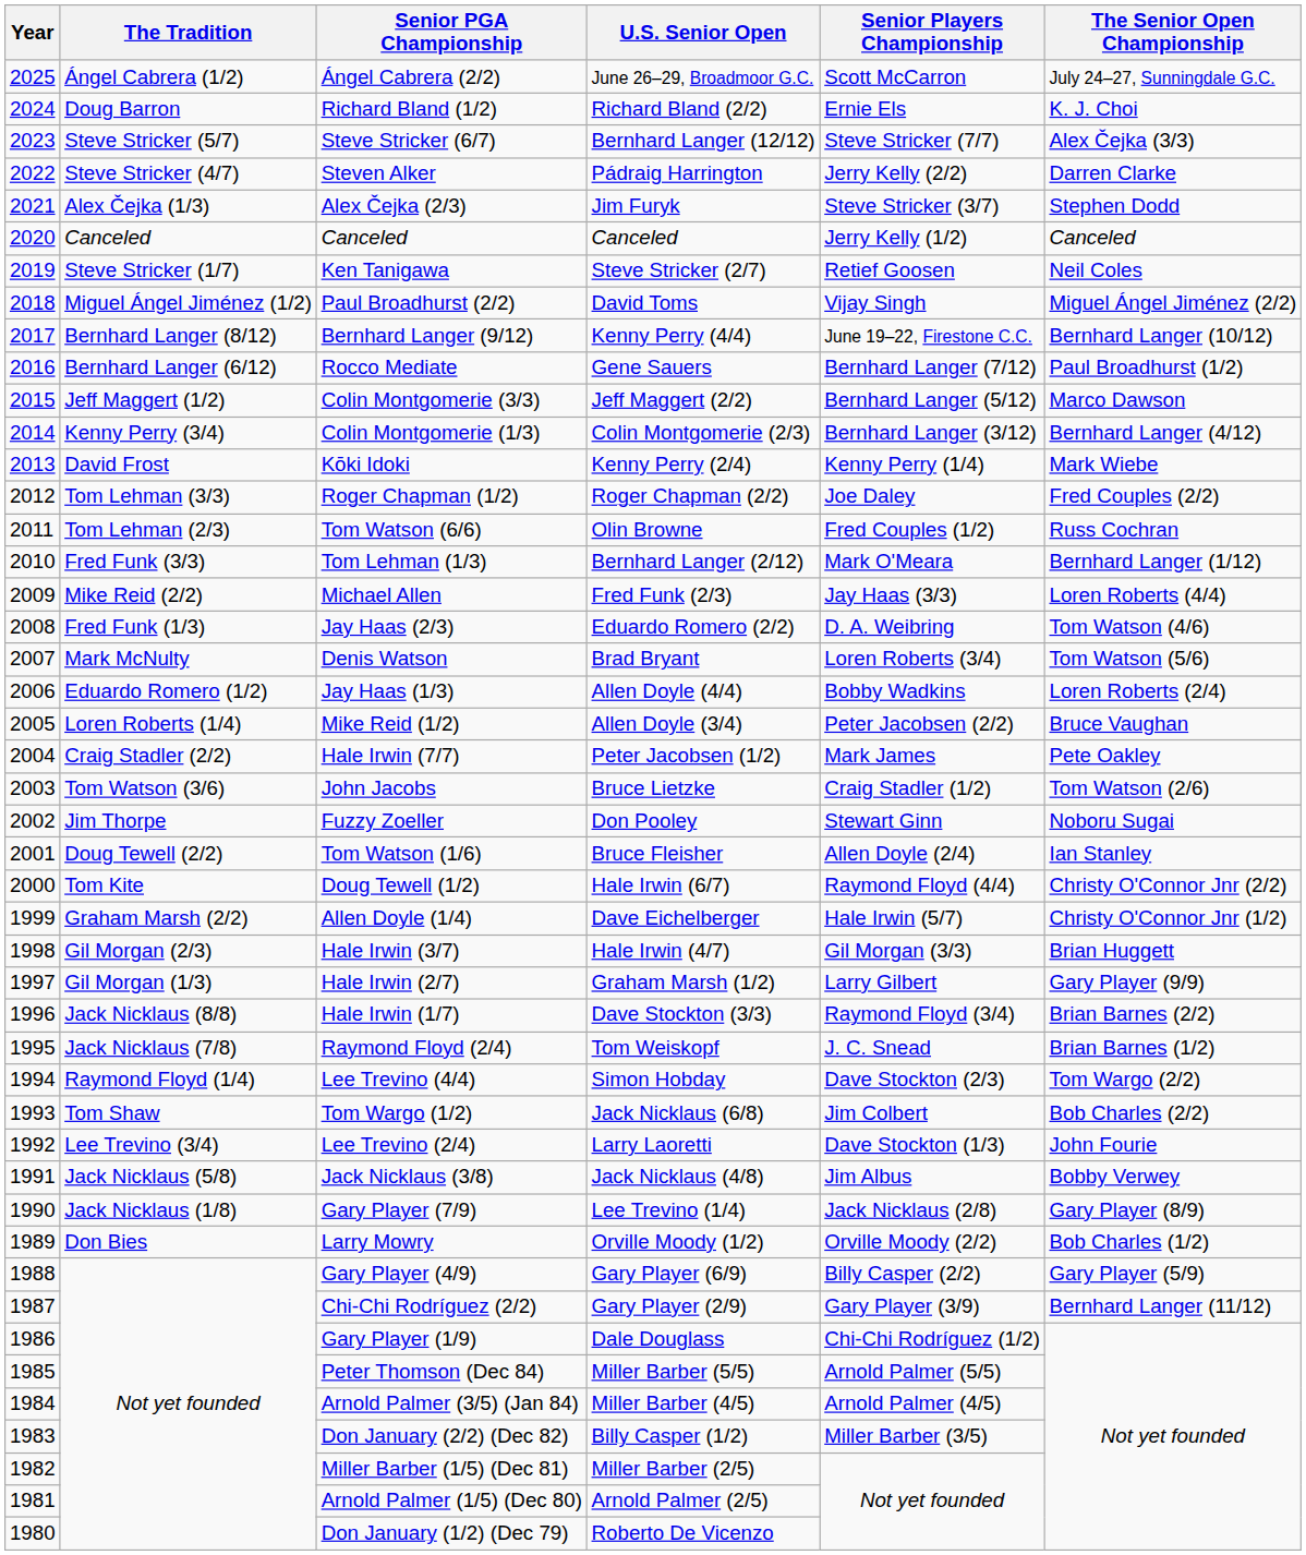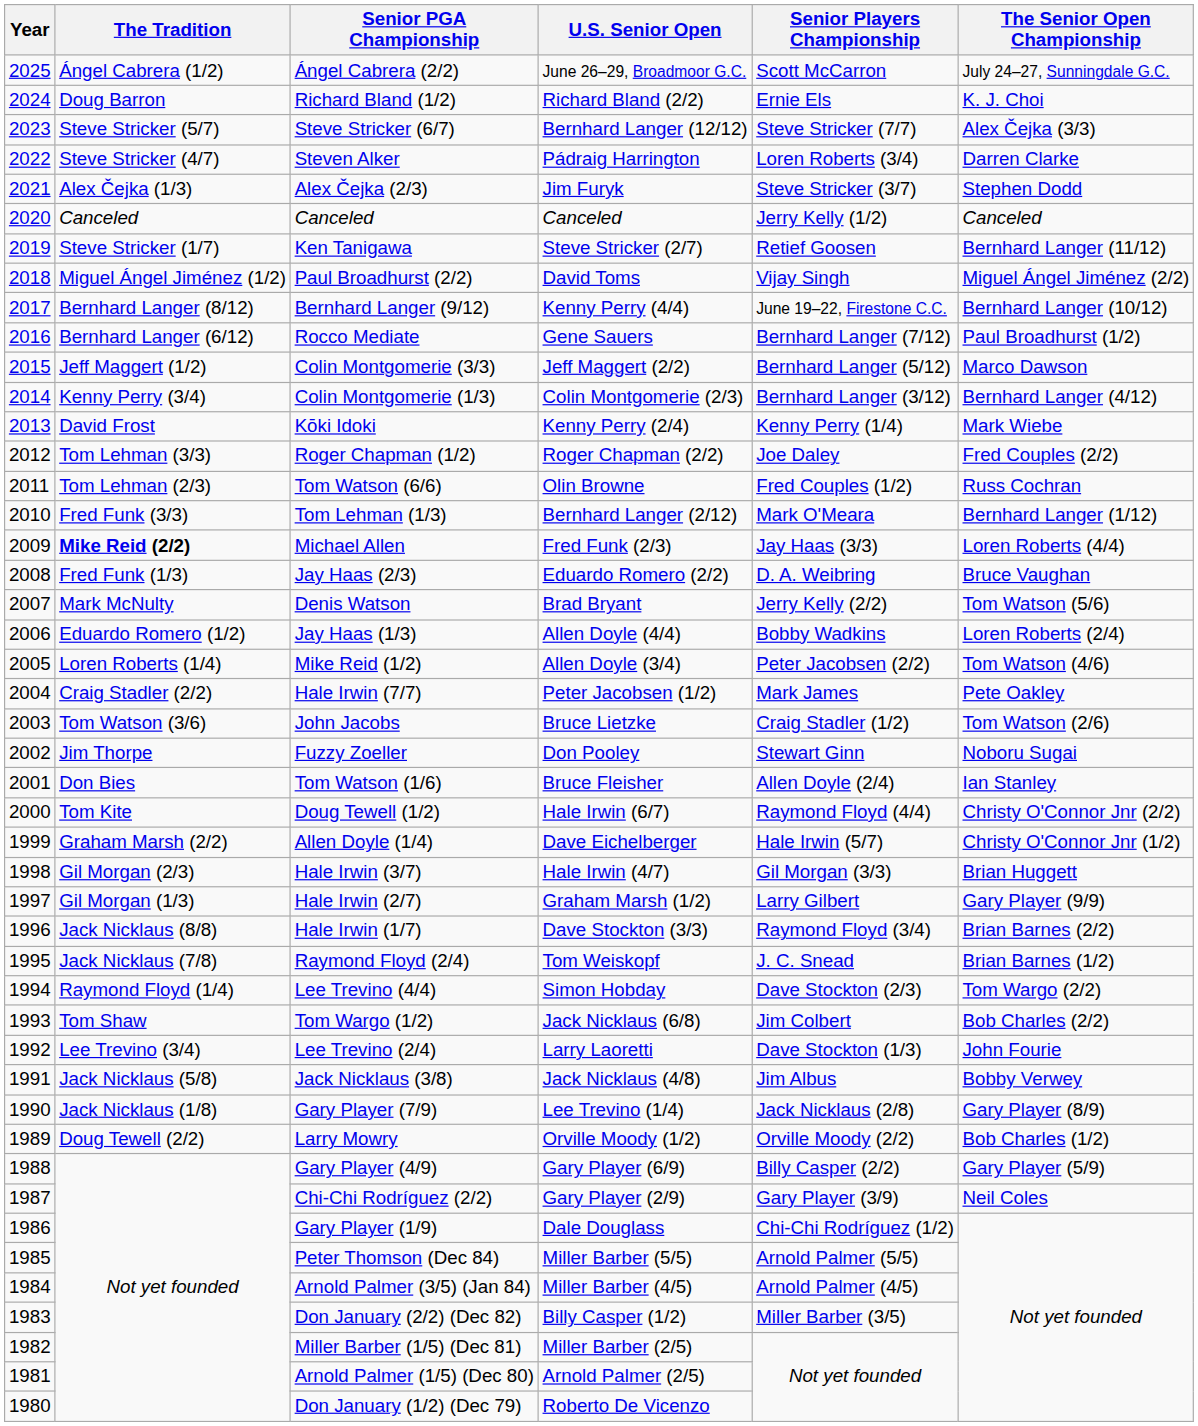 <table class="wikitable">
 <tr>
 <th>Year</th>
 <th><a href='#'>The Tradition</a></th>
 <th><a href='#'>Senior PGA<br>Championship</a></th>
 <th><a href='#'>U.S. Senior Open</a></th>
 <th><a href='#'>Senior Players<br>Championship</a></th>
 <th><a href='#'>The Senior Open<br>Championship</a></th>
 </tr>
 <tr>
 <td><a href='#'>2025</a></td>
 <td> <a href='#'>Ángel Cabrera</a> (1/2)</td>
 <td> <a href='#'>Ángel Cabrera</a> (2/2)</td>
 <td> <small>June 26–29, <a href='#'>Broadmoor G.C.</a></small></td>
 <td> <a href='#'>Scott McCarron</a></td>
 <td> <small>July 24–27, <a href='#'>Sunningdale G.C.</a></small></td>
 </tr>
 <tr>
 <td><a href='#'>2024</a></td>
 <td> <a href='#'>Doug Barron</a></td>
 <td> <a href='#'>Richard Bland</a> (1/2)</td>
 <td> <a href='#'>Richard Bland</a> (2/2)</td>
 <td> <a href='#'>Ernie Els</a></td>
 <td> <a href='#'>K. J. Choi</a></td>
 </tr>
 <tr>
 <td><a href='#'>2023</a></td>
 <td> <a href='#'>Steve Stricker</a> (5/7)</td>
 <td> <a href='#'>Steve Stricker</a> (6/7)</td>
 <td> <a href='#'>Bernhard Langer</a> (12/12)</td>
 <td> <a href='#'>Steve Stricker</a> (7/7)</td>
 <td> <a href='#'>Alex Čejka</a> (3/3)</td>
 </tr>
 <tr>
 <td><a href='#'>2022</a></td>
 <td> <a href='#'>Steve Stricker</a> (4/7)</td>
 <td> <a href='#'>Steven Alker</a></td>
 <td> <a href='#'>Pádraig Harrington</a></td>
-<td> <a href='#'>Jerry Kelly</a> (2/2)</td>
+<td> <a href='#'>Loren Roberts</a> (3/4)</td>
 <td> <a href='#'>Darren Clarke</a></td>
 </tr>
 <tr>
 <td><a href='#'>2021</a></td>
 <td> <a href='#'>Alex Čejka</a> (1/3)</td>
 <td> <a href='#'>Alex Čejka</a> (2/3)</td>
 <td> <a href='#'>Jim Furyk</a></td>
 <td> <a href='#'>Steve Stricker</a> (3/7)</td>
 <td> <a href='#'>Stephen Dodd</a></td>
 </tr>
 <tr>
 <td><a href='#'>2020</a></td>
 <td><em>Canceled</em></td>
 <td><em>Canceled</em></td>
 <td><em>Canceled</em></td>
 <td> <a href='#'>Jerry Kelly</a> (1/2)</td>
 <td><em>Canceled</em></td>
 </tr>
 <tr>
 <td><a href='#'>2019</a></td>
 <td> <a href='#'>Steve Stricker</a> (1/7)</td>
 <td> <a href='#'>Ken Tanigawa</a></td>
 <td> <a href='#'>Steve Stricker</a> (2/7)</td>
 <td> <a href='#'>Retief Goosen</a></td>
-<td> <a href='#'>Neil Coles</a></td>
+<td> <a href='#'>Bernhard Langer</a> (11/12)</td>
 </tr>
 <tr>
 <td><a href='#'>2018</a></td>
 <td> <a href='#'>Miguel Ángel Jiménez</a> (1/2)</td>
 <td> <a href='#'>Paul Broadhurst</a> (2/2)</td>
 <td> <a href='#'>David Toms</a></td>
 <td> <a href='#'>Vijay Singh</a></td>
 <td> <a href='#'>Miguel Ángel Jiménez</a>  (2/2)</td>
 </tr>
 <tr>
 <td><a href='#'>2017</a></td>
 <td> <a href='#'>Bernhard Langer</a> (8/12)</td>
 <td> <a href='#'>Bernhard Langer</a> (9/12)</td>
 <td> <a href='#'>Kenny Perry</a> (4/4)</td>
 <td> <small>June 19–22, <a href='#'>Firestone C.C.</a></small></td>
 <td> <a href='#'>Bernhard Langer</a> (10/12)</td>
 </tr>
 <tr>
 <td><a href='#'>2016</a></td>
 <td> <a href='#'>Bernhard Langer</a> (6/12)</td>
 <td> <a href='#'>Rocco Mediate</a></td>
 <td> <a href='#'>Gene Sauers</a></td>
 <td> <a href='#'>Bernhard Langer</a> (7/12)</td>
 <td> <a href='#'>Paul Broadhurst</a> (1/2)</td>
 </tr>
 <tr>
 <td><a href='#'>2015</a></td>
 <td> <a href='#'>Jeff Maggert</a> (1/2)</td>
 <td> <a href='#'>Colin Montgomerie</a> (3/3)</td>
 <td> <a href='#'>Jeff Maggert</a> (2/2)</td>
 <td> <a href='#'>Bernhard Langer</a> (5/12)</td>
 <td> <a href='#'>Marco Dawson</a></td>
 </tr>
 <tr>
 <td><a href='#'>2014</a></td>
 <td> <a href='#'>Kenny Perry</a> (3/4)</td>
 <td> <a href='#'>Colin Montgomerie</a> (1/3)</td>
 <td> <a href='#'>Colin Montgomerie</a> (2/3)</td>
 <td> <a href='#'>Bernhard Langer</a> (3/12)</td>
 <td> <a href='#'>Bernhard Langer</a> (4/12)</td>
 </tr>
 <tr>
 <td><a href='#'>2013</a></td>
 <td> <a href='#'>David Frost</a></td>
 <td> <a href='#'>Kōki Idoki</a></td>
 <td> <a href='#'>Kenny Perry</a> (2/4)</td>
 <td> <a href='#'>Kenny Perry</a> (1/4)</td>
 <td> <a href='#'>Mark Wiebe</a></td>
 </tr>
 <tr>
 <td>2012</td>
 <td> <a href='#'>Tom Lehman</a> (3/3)</td>
 <td> <a href='#'>Roger Chapman</a> (1/2)</td>
 <td> <a href='#'>Roger Chapman</a> (2/2)</td>
 <td> <a href='#'>Joe Daley</a></td>
 <td> <a href='#'>Fred Couples</a> (2/2)</td>
 </tr>
 <tr>
 <td>2011</td>
 <td> <a href='#'>Tom Lehman</a> (2/3)</td>
 <td> <a href='#'>Tom Watson</a> (6/6)</td>
 <td> <a href='#'>Olin Browne</a></td>
 <td> <a href='#'>Fred Couples</a> (1/2)</td>
 <td> <a href='#'>Russ Cochran</a></td>
 </tr>
 <tr>
 <td>2010</td>
 <td> <a href='#'>Fred Funk</a> (3/3)</td>
 <td> <a href='#'>Tom Lehman</a> (1/3)</td>
 <td> <a href='#'>Bernhard Langer</a> (2/12)</td>
 <td> <a href='#'>Mark O'Meara</a></td>
 <td> <a href='#'>Bernhard Langer</a> (1/12)</td>
 </tr>
 <tr>
 <td>2009</td>
-<td> <a href='#'>Mike Reid</a> (2/2)</td>
+<td><strong> <a href='#'>Mike Reid</a> (2/2)</strong></td>
 <td> <a href='#'>Michael Allen</a></td>
 <td> <a href='#'>Fred Funk</a> (2/3)</td>
 <td> <a href='#'>Jay Haas</a> (3/3)</td>
 <td> <a href='#'>Loren Roberts</a> (4/4)</td>
 </tr>
 <tr>
 <td>2008</td>
 <td> <a href='#'>Fred Funk</a> (1/3)</td>
 <td> <a href='#'>Jay Haas</a> (2/3)</td>
 <td> <a href='#'>Eduardo Romero</a> (2/2)</td>
 <td> <a href='#'>D. A. Weibring</a></td>
-<td> <a href='#'>Tom Watson</a> (4/6)</td>
+<td> <a href='#'>Bruce Vaughan</a></td>
 </tr>
 <tr>
 <td>2007</td>
 <td> <a href='#'>Mark McNulty</a></td>
 <td> <a href='#'>Denis Watson</a></td>
 <td> <a href='#'>Brad Bryant</a></td>
-<td> <a href='#'>Loren Roberts</a> (3/4)</td>
+<td> <a href='#'>Jerry Kelly</a> (2/2)</td>
 <td> <a href='#'>Tom Watson</a> (5/6)</td>
 </tr>
 <tr>
 <td>2006</td>
 <td> <a href='#'>Eduardo Romero</a> (1/2)</td>
 <td> <a href='#'>Jay Haas</a> (1/3)</td>
 <td> <a href='#'>Allen Doyle</a> (4/4)</td>
 <td> <a href='#'>Bobby Wadkins</a></td>
 <td> <a href='#'>Loren Roberts</a> (2/4)</td>
 </tr>
 <tr>
 <td>2005</td>
 <td> <a href='#'>Loren Roberts</a> (1/4)</td>
 <td> <a href='#'>Mike Reid</a> (1/2)</td>
 <td> <a href='#'>Allen Doyle</a> (3/4)</td>
 <td> <a href='#'>Peter Jacobsen</a> (2/2)</td>
-<td> <a href='#'>Bruce Vaughan</a></td>
+<td> <a href='#'>Tom Watson</a> (4/6)</td>
 </tr>
 <tr>
 <td>2004</td>
 <td> <a href='#'>Craig Stadler</a> (2/2)</td>
 <td> <a href='#'>Hale Irwin</a> (7/7)</td>
 <td> <a href='#'>Peter Jacobsen</a> (1/2)</td>
 <td> <a href='#'>Mark James</a></td>
 <td> <a href='#'>Pete Oakley</a></td>
 </tr>
 <tr>
 <td>2003</td>
 <td> <a href='#'>Tom Watson</a> (3/6)</td>
 <td> <a href='#'>John Jacobs</a></td>
 <td> <a href='#'>Bruce Lietzke</a></td>
 <td> <a href='#'>Craig Stadler</a> (1/2)</td>
 <td> <a href='#'>Tom Watson</a> (2/6)</td>
 </tr>
 <tr>
 <td>2002</td>
 <td> <a href='#'>Jim Thorpe</a></td>
 <td> <a href='#'>Fuzzy Zoeller</a></td>
 <td> <a href='#'>Don Pooley</a></td>
 <td> <a href='#'>Stewart Ginn</a></td>
 <td> <a href='#'>Noboru Sugai</a></td>
 </tr>
 <tr>
 <td>2001</td>
-<td> <a href='#'>Doug Tewell</a> (2/2)</td>
+<td> <a href='#'>Don Bies</a></td>
 <td> <a href='#'>Tom Watson</a> (1/6)</td>
 <td> <a href='#'>Bruce Fleisher</a></td>
 <td> <a href='#'>Allen Doyle</a> (2/4)</td>
 <td> <a href='#'>Ian Stanley</a></td>
 </tr>
 <tr>
 <td>2000</td>
 <td> <a href='#'>Tom Kite</a></td>
 <td> <a href='#'>Doug Tewell</a> (1/2)</td>
 <td> <a href='#'>Hale Irwin</a> (6/7)</td>
 <td> <a href='#'>Raymond Floyd</a> (4/4)</td>
 <td> <a href='#'>Christy O'Connor Jnr</a> (2/2)</td>
 </tr>
 <tr>
 <td>1999</td>
 <td> <a href='#'>Graham Marsh</a> (2/2)</td>
 <td> <a href='#'>Allen Doyle</a> (1/4)</td>
 <td> <a href='#'>Dave Eichelberger</a></td>
 <td> <a href='#'>Hale Irwin</a> (5/7)</td>
 <td> <a href='#'>Christy O'Connor Jnr</a> (1/2)</td>
 </tr>
 <tr>
 <td>1998</td>
 <td> <a href='#'>Gil Morgan</a> (2/3)</td>
 <td> <a href='#'>Hale Irwin</a> (3/7)</td>
 <td> <a href='#'>Hale Irwin</a> (4/7)</td>
 <td> <a href='#'>Gil Morgan</a> (3/3)</td>
 <td> <a href='#'>Brian Huggett</a></td>
 </tr>
 <tr>
 <td>1997</td>
 <td> <a href='#'>Gil Morgan</a> (1/3)</td>
 <td> <a href='#'>Hale Irwin</a> (2/7)</td>
 <td> <a href='#'>Graham Marsh</a> (1/2)</td>
 <td> <a href='#'>Larry Gilbert</a></td>
 <td> <a href='#'>Gary Player</a> (9/9)</td>
 </tr>
 <tr>
 <td>1996</td>
 <td> <a href='#'>Jack Nicklaus</a> (8/8)</td>
 <td> <a href='#'>Hale Irwin</a> (1/7)</td>
 <td> <a href='#'>Dave Stockton</a> (3/3)</td>
 <td> <a href='#'>Raymond Floyd</a> (3/4)</td>
 <td> <a href='#'>Brian Barnes</a> (2/2)</td>
 </tr>
 <tr>
 <td>1995</td>
 <td> <a href='#'>Jack Nicklaus</a> (7/8)</td>
 <td> <a href='#'>Raymond Floyd</a> (2/4)</td>
 <td> <a href='#'>Tom Weiskopf</a></td>
 <td> <a href='#'>J. C. Snead</a></td>
 <td> <a href='#'>Brian Barnes</a> (1/2)</td>
 </tr>
 <tr>
 <td>1994</td>
 <td> <a href='#'>Raymond Floyd</a> (1/4)</td>
 <td> <a href='#'>Lee Trevino</a> (4/4)</td>
 <td> <a href='#'>Simon Hobday</a></td>
 <td> <a href='#'>Dave Stockton</a> (2/3)</td>
 <td> <a href='#'>Tom Wargo</a> (2/2)</td>
 </tr>
 <tr>
 <td>1993</td>
 <td> <a href='#'>Tom Shaw</a></td>
 <td> <a href='#'>Tom Wargo</a> (1/2)</td>
 <td> <a href='#'>Jack Nicklaus</a> (6/8)</td>
 <td> <a href='#'>Jim Colbert</a></td>
 <td> <a href='#'>Bob Charles</a> (2/2)</td>
 </tr>
 <tr>
 <td>1992</td>
 <td> <a href='#'>Lee Trevino</a> (3/4)</td>
 <td> <a href='#'>Lee Trevino</a> (2/4)</td>
 <td> <a href='#'>Larry Laoretti</a></td>
 <td> <a href='#'>Dave Stockton</a> (1/3)</td>
 <td> <a href='#'>John Fourie</a></td>
 </tr>
 <tr>
 <td>1991</td>
 <td> <a href='#'>Jack Nicklaus</a> (5/8)</td>
 <td> <a href='#'>Jack Nicklaus</a> (3/8)</td>
 <td> <a href='#'>Jack Nicklaus</a> (4/8)</td>
 <td> <a href='#'>Jim Albus</a></td>
 <td> <a href='#'>Bobby Verwey</a></td>
 </tr>
 <tr>
 <td>1990</td>
 <td> <a href='#'>Jack Nicklaus</a> (1/8)</td>
 <td> <a href='#'>Gary Player</a> (7/9)</td>
 <td> <a href='#'>Lee Trevino</a> (1/4)</td>
 <td> <a href='#'>Jack Nicklaus</a> (2/8)</td>
 <td> <a href='#'>Gary Player</a> (8/9)</td>
 </tr>
 <tr>
 <td>1989</td>
-<td> <a href='#'>Don Bies</a></td>
+<td> <a href='#'>Doug Tewell</a> (2/2)</td>
 <td> <a href='#'>Larry Mowry</a></td>
 <td> <a href='#'>Orville Moody</a> (1/2)</td>
 <td> <a href='#'>Orville Moody</a> (2/2)</td>
 <td> <a href='#'>Bob Charles</a> (1/2)</td>
 </tr>
 <tr>
 <td>1988</td>
 <td align="center" rowspan="9"><em>Not yet founded</em></td>
 <td> <a href='#'>Gary Player</a> (4/9)</td>
 <td> <a href='#'>Gary Player</a> (6/9)</td>
 <td> <a href='#'>Billy Casper</a> (2/2)</td>
 <td> <a href='#'>Gary Player</a> (5/9)</td>
 </tr>
 <tr>
 <td>1987</td>
 <td> <a href='#'>Chi-Chi Rodríguez</a> (2/2)</td>
 <td> <a href='#'>Gary Player</a> (2/9)</td>
 <td> <a href='#'>Gary Player</a> (3/9)</td>
-<td> <a href='#'>Bernhard Langer</a> (11/12)</td>
+<td> <a href='#'>Neil Coles</a></td>
 </tr>
 <tr>
 <td>1986</td>
 <td> <a href='#'>Gary Player</a> (1/9)</td>
 <td> <a href='#'>Dale Douglass</a></td>
 <td> <a href='#'>Chi-Chi Rodríguez</a> (1/2)</td>
 <td align="center" rowspan="7"><em>Not yet founded</em></td>
 </tr>
 <tr>
 <td>1985</td>
 <td> <a href='#'>Peter Thomson</a> (Dec 84)</td>
 <td> <a href='#'>Miller Barber</a> (5/5)</td>
 <td> <a href='#'>Arnold Palmer</a> (5/5)</td>
 </tr>
 <tr>
 <td>1984</td>
 <td> <a href='#'>Arnold Palmer</a> (3/5) (Jan 84)</td>
 <td> <a href='#'>Miller Barber</a> (4/5)</td>
 <td> <a href='#'>Arnold Palmer</a> (4/5)</td>
 </tr>
 <tr>
 <td>1983</td>
 <td> <a href='#'>Don January</a> (2/2) (Dec 82)</td>
 <td> <a href='#'>Billy Casper</a> (1/2)</td>
 <td> <a href='#'>Miller Barber</a> (3/5)</td>
 </tr>
 <tr>
 <td>1982</td>
 <td> <a href='#'>Miller Barber</a> (1/5) (Dec 81)</td>
 <td> <a href='#'>Miller Barber</a> (2/5)</td>
 <td align="center" rowspan="3"><em>Not yet founded</em></td>
 </tr>
 <tr>
 <td>1981</td>
 <td> <a href='#'>Arnold Palmer</a> (1/5) (Dec 80)</td>
 <td> <a href='#'>Arnold Palmer</a> (2/5)</td>
 </tr>
 <tr>
 <td>1980</td>
 <td> <a href='#'>Don January</a> (1/2) (Dec 79)</td>
 <td> <a href='#'>Roberto De Vicenzo</a></td>
 </tr>
 </table>
